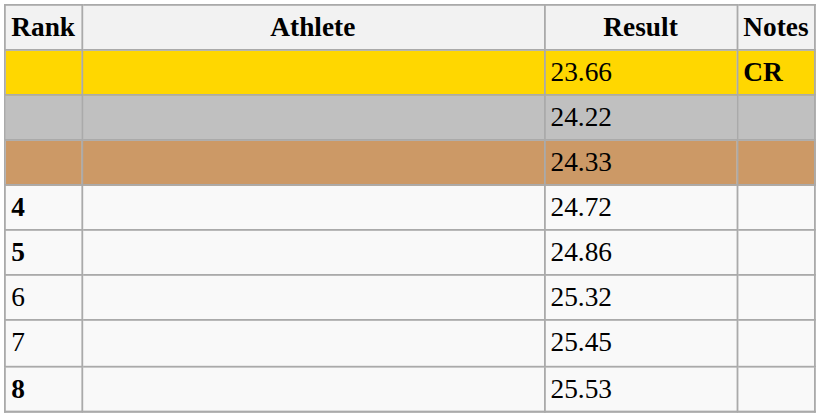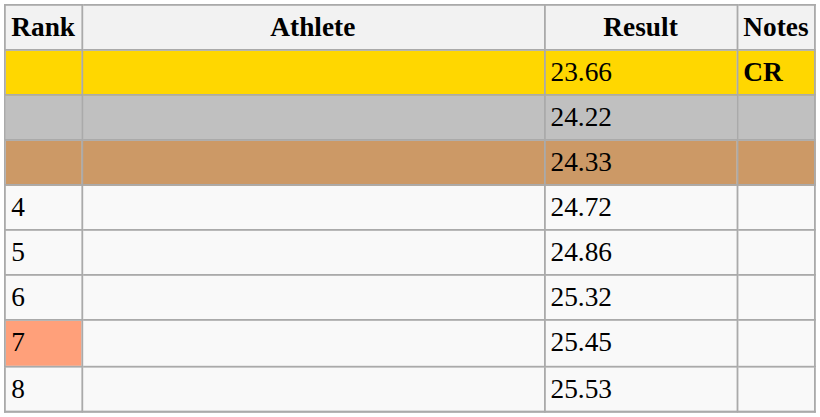 <table class="wikitable" style="font-size:95%" style="width:35em;" style="text-align:center">
 <tr>
 <th>Rank</th>
 <th width=250>Athlete</th>
 <th width=100>Result</th>
 <th>Notes</th>
 </tr>
 <tr bgcolor=gold>
 <td></td>
 <td align=left></td>
 <td>23.66</td>
 <td><strong>CR</strong></td>
 </tr>
 <tr bgcolor=silver>
 <td></td>
 <td align=left></td>
 <td>24.22</td>
 <td></td>
 </tr>
 <tr bgcolor=cc9966>
 <td></td>
 <td align=left></td>
 <td>24.33</td>
 <td></td>
 </tr>
 <tr>
-<td><strong>4</strong></td>
+<td>4</td>
 <td align=left></td>
 <td>24.72</td>
 <td></td>
 </tr>
 <tr>
-<td><strong>5</strong></td>
+<td>5</td>
 <td align=left></td>
 <td>24.86</td>
 <td></td>
 </tr>
 <tr>
 <td>6</td>
 <td align=left></td>
 <td>25.32</td>
 <td></td>
 </tr>
 <tr>
-<td>7</td>
+<td style="background: lightsalmon;">7</td>
 <td align=left></td>
 <td>25.45</td>
 <td></td>
 </tr>
 <tr>
-<td><strong>8</strong></td>
+<td>8</td>
 <td align=left></td>
 <td>25.53</td>
 <td></td>
 </tr>
 <tr>
 </tr>
 </table>
